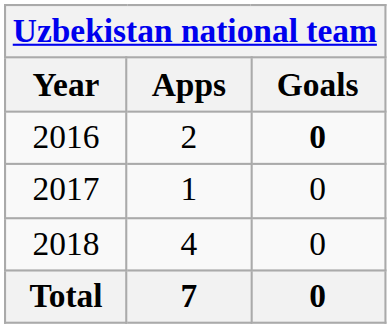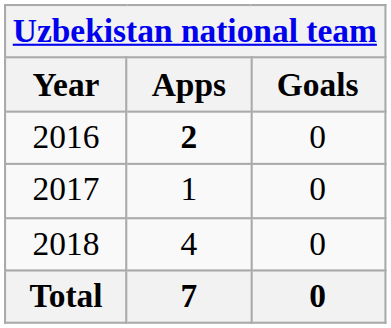 <table class="wikitable" style="text-align:center">
 <tr>
 <th colspan=3><a href='#'>Uzbekistan national team</a></th>
 </tr>
 <tr>
 <th>Year</th>
 <th>Apps</th>
 <th>Goals</th>
 </tr>
 <tr>
 <td>2016</td>
-<td>2</td>
-<td><strong>0</strong></td>
+<td><strong>2</strong></td>
+<td>0</td>
 </tr>
 <tr>
 <td>2017</td>
 <td>1</td>
 <td>0</td>
 </tr>
 <tr>
 <td>2018</td>
 <td>4</td>
 <td>0</td>
 </tr>
 <tr>
 <th>Total</th>
 <th>7</th>
 <th>0</th>
 </tr>
 </table>
